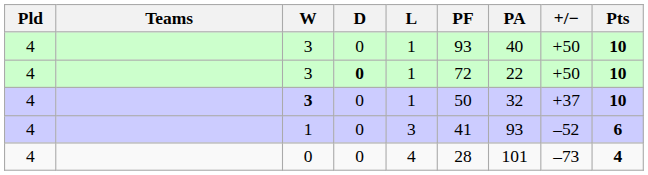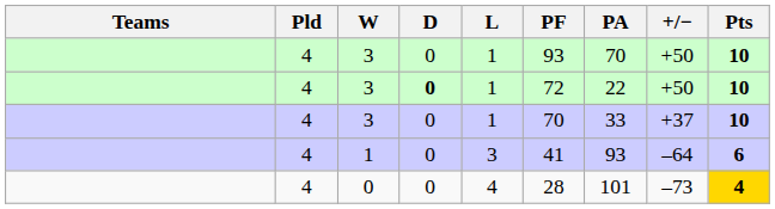 <table class="wikitable" style="text-align: center;">
 <tr>
+<th width="200">Teams</th>
 <th width="40">Pld</th>
-<th width="200">Teams</th>
 <th width="40">W</th>
 <th width="40">D</th>
 <th width="40">L</th>
 <th width="40">PF</th>
 <th width="40">PA</th>
 <th width="40">+/−</th>
 <th width="40">Pts</th>
 </tr>
 <tr bgcolor=ccffcc>
+<td align=left></td>
 <td>4</td>
-<td align=left></td>
 <td>3</td>
 <td>0</td>
 <td>1</td>
 <td>93</td>
-<td>40</td>
+<td>70</td>
 <td>+50</td>
 <td><strong>10</strong></td>
 </tr>
 <tr bgcolor=ccffcc>
+<td align=left></td>
 <td>4</td>
-<td align=left></td>
 <td>3</td>
 <td><strong>0</strong></td>
 <td>1</td>
 <td>72</td>
 <td>22</td>
 <td>+50</td>
 <td><strong>10</strong></td>
 </tr>
 <tr bgcolor=ccccff>
+<td align=left></td>
 <td>4</td>
-<td align=left></td>
-<td><strong>3</strong></td>
+<td>3</td>
 <td>0</td>
 <td>1</td>
-<td>50</td>
-<td>32</td>
+<td>70</td>
+<td>33</td>
 <td>+37</td>
 <td><strong>10</strong></td>
 </tr>
 <tr bgcolor=ccccff>
+<td align=left></td>
 <td>4</td>
-<td align=left></td>
 <td>1</td>
 <td>0</td>
 <td>3</td>
 <td>41</td>
 <td>93</td>
-<td>–52</td>
+<td>–64</td>
 <td><strong>6</strong></td>
 </tr>
 <tr>
+<td align=left></td>
 <td>4</td>
-<td align=left></td>
 <td>0</td>
 <td>0</td>
 <td>4</td>
 <td>28</td>
 <td>101</td>
 <td>–73</td>
-<td><strong>4</strong></td>
+<td style="background: gold;"><strong>4</strong></td>
 </tr>
 </table>
